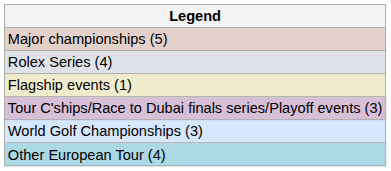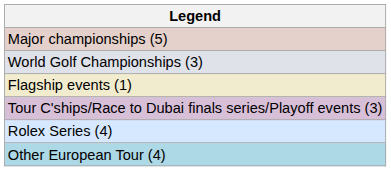 <table class="wikitable" style="font-size:95%;">
 <tr>
 <th>Legend</th>
 </tr>
 <tr style="background:#e5d1cb;">
 <td>Major championships (5)</td>
 </tr>
 <tr style="background:#dfe2e9">
-<td>Rolex Series (4)</td>
+<td>World Golf Championships (3)</td>
 </tr>
 <tr style="background:#f2ecce;">
 <td>Flagship events (1)</td>
 </tr>
 <tr style="background:thistle;">
 <td>Tour C'ships/Race to Dubai finals series/Playoff events (3)</td>
 </tr>
 <tr style="background:#D6E8FF;">
-<td>World Golf Championships (3)</td>
+<td>Rolex Series (4)</td>
 </tr>
 <tr>
 <td style="background: lightblue;">Other European Tour (4)</td>
 </tr>
 </table>
